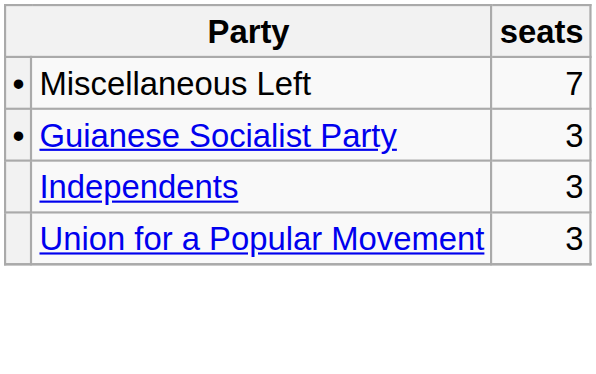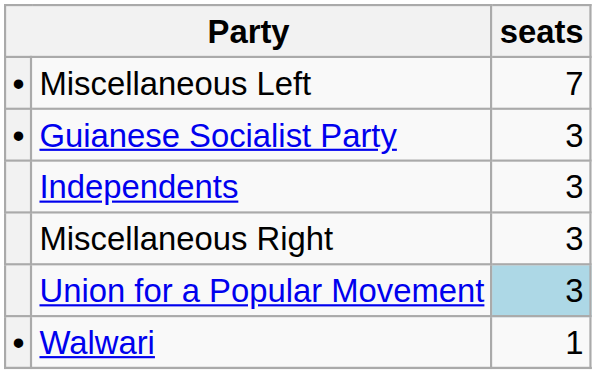 <table class="wikitable" style="font-size: 95%;">
 <tr>
 <th colspan=2>Party</th>
 <th>seats</th>
 </tr>
 <tr>
 <th style="background-color: "><span>•</span></th>
 <td>Miscellaneous Left</td>
 <td align="right">7</td>
 </tr>
 <tr>
 <th style="background-color: "><span>•</span></th>
 <td><a href='#'>Guianese Socialist Party</a></td>
 <td align="right">3</td>
 </tr>
 <tr>
 <th style="background-color: "></th>
 <td><a href='#'>Independents</a></td>
 <td align="right">3</td>
 </tr>
 <tr>
 <th style="background-color: "></th>
+<td>Miscellaneous Right</td>
+<td align="right">3</td>
+</tr>
+<tr>
+<th style="background-color: "></th>
 <td><a href='#'>Union for a Popular Movement</a></td>
-<td align="right">3</td>
+<td align="right" style="background: lightblue;">3</td>
+</tr>
+<tr>
+<th style="background-color: "><span>•</span></th>
+<td><a href='#'>Walwari</a></td>
+<td align="right">1</td>
 </tr>
 <tr>
 </tr>
 </table>
